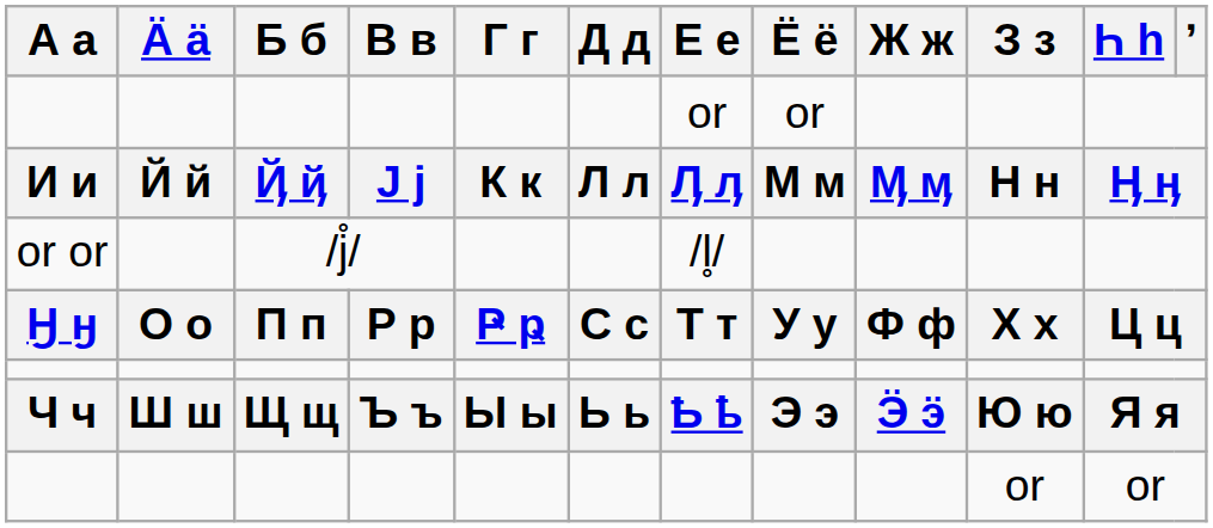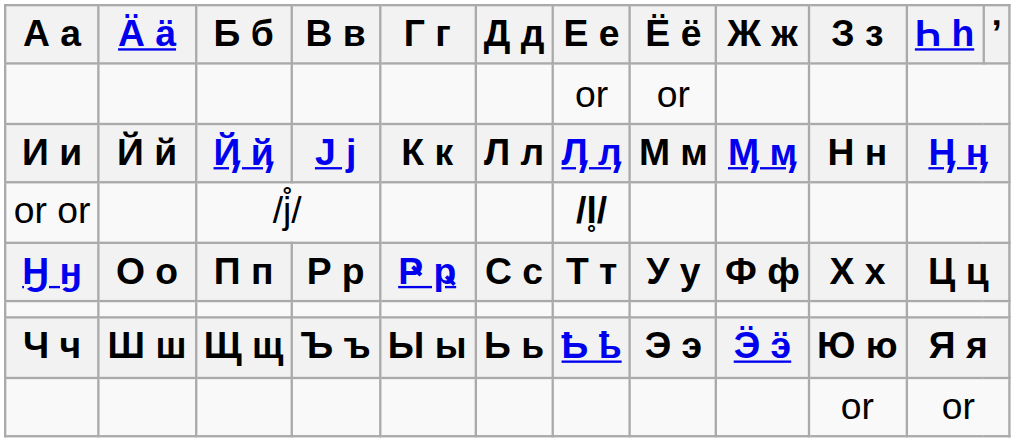 <table class="wikitable">
 <tr align="center">
 <th>А а</th>
 <th><a href='#'>Ӓ ӓ</a></th>
 <th>Б б</th>
 <th>В в</th>
 <th>Г г</th>
 <th>Д д</th>
 <th>Е е</th>
 <th>Ё ё</th>
 <th>Ж ж</th>
 <th>З з</th>
 <th><a href='#'>Һ һ</a></th>
 <th>ʼ</th>
 </tr>
 <tr align="center">
 <td></td>
 <td></td>
 <td></td>
 <td></td>
 <td></td>
 <td></td>
 <td> or </td>
 <td> or </td>
 <td></td>
 <td></td>
 <td colspan="2"></td>
 </tr>
 <tr align="center">
 <th>И и</th>
 <th>Й й</th>
 <th><a href='#'>Ҋ ҋ</a></th>
 <th><a href='#'>Ј ј</a></th>
 <th>К к</th>
 <th>Л л</th>
 <th><a href='#'>Ӆ ӆ</a></th>
 <th>М м</th>
 <th><a href='#'>Ӎ ӎ</a></th>
 <th>Н н</th>
 <th colspan="2"><a href='#'>Ӊ ӊ</a></th>
 </tr>
 <tr align="center">
 <td> or  or </td>
 <td></td>
 <td colspan="2">/j̊/</td>
 <td></td>
 <td></td>
-<td>/l̥/</td>
+<td><strong>/l̥/</strong></td>
 <td></td>
 <td></td>
 <td></td>
 <td colspan="2"></td>
 </tr>
 <tr align="center">
 <th><a href='#'>Ӈ ӈ</a></th>
 <th>О о</th>
 <th>П п</th>
 <th>Р р</th>
 <th><a href='#'>Ҏ ҏ</a></th>
 <th>С с</th>
 <th>Т т</th>
 <th>У у</th>
 <th>Ф ф</th>
 <th>Х х</th>
 <th colspan="2">Ц ц</th>
 </tr>
 <tr align="center">
 <td></td>
 <td></td>
 <td></td>
 <td></td>
 <td></td>
 <td></td>
 <td></td>
 <td></td>
 <td></td>
 <td></td>
 <td colspan="2"></td>
 </tr>
 <tr align="center">
 <th>Ч ч</th>
 <th>Ш ш</th>
 <th>Щ щ</th>
 <th>Ъ ъ</th>
 <th>Ы ы</th>
 <th>Ь ь</th>
 <th><a href='#'>Ҍ ҍ</a></th>
 <th>Э э</th>
 <th><a href='#'>Ӭ ӭ</a></th>
 <th>Ю ю</th>
 <th colspan="2">Я я</th>
 </tr>
 <tr align="center">
 <td></td>
 <td></td>
 <td></td>
 <td></td>
 <td></td>
 <td></td>
 <td></td>
 <td></td>
 <td></td>
 <td> or </td>
 <td colspan="2"> or </td>
 </tr>
 </table>
